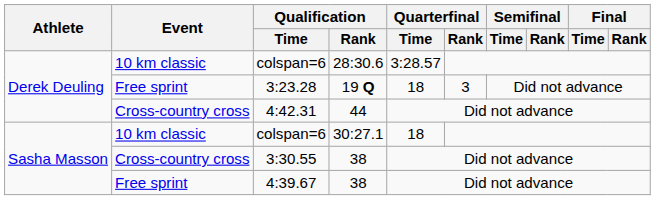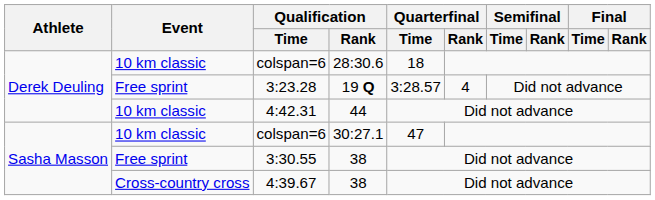 <table class="wikitable" style="font-size:90%">
 <tr>
 <th rowspan="2">Athlete</th>
 <th rowspan="2">Event</th>
 <th colspan="2">Qualification</th>
 <th colspan="2">Quarterfinal</th>
 <th colspan="2">Semifinal</th>
 <th colspan="2">Final</th>
 </tr>
 <tr style="font-size:95%">
 <th>Time</th>
 <th>Rank</th>
 <th>Time</th>
 <th>Rank</th>
 <th>Time</th>
 <th>Rank</th>
 <th>Time</th>
 <th>Rank</th>
 </tr>
 <tr align=center>
 <td align=left rowspan=3><a href='#'>Derek Deuling</a></td>
 <td align=left><a href='#'>10 km classic</a></td>
 <td>colspan=6 </td>
 <td>28:30.6</td>
-<td>3:28.57</td>
+<td>18</td>
 </tr>
 <tr align=center>
 <td align=left><a href='#'>Free sprint</a></td>
 <td>3:23.28</td>
 <td>19 <strong>Q</strong></td>
-<td>18</td>
-<td>3</td>
+<td>3:28.57</td>
+<td>4</td>
 <td colspan=4>Did not advance</td>
 </tr>
 <tr align=center>
-<td align=left><a href='#'>Cross-country cross</a></td>
+<td align=left><a href='#'>10 km classic</a></td>
 <td>4:42.31</td>
 <td>44</td>
 <td colspan=6>Did not advance</td>
 </tr>
 <tr align=center>
 <td align=left rowspan=3><a href='#'>Sasha Masson</a></td>
 <td align=left><a href='#'>10 km classic</a></td>
 <td>colspan=6 </td>
 <td>30:27.1</td>
-<td>18</td>
+<td>47</td>
 </tr>
 <tr align=center>
-<td align=left><a href='#'>Cross-country cross</a></td>
+<td align=left><a href='#'>Free sprint</a></td>
 <td>3:30.55</td>
 <td>38</td>
 <td colspan=6>Did not advance</td>
 </tr>
 <tr align=center>
-<td align=left><a href='#'>Free sprint</a></td>
+<td align=left><a href='#'>Cross-country cross</a></td>
 <td>4:39.67</td>
 <td>38</td>
 <td colspan=6>Did not advance</td>
 </tr>
 </table>
